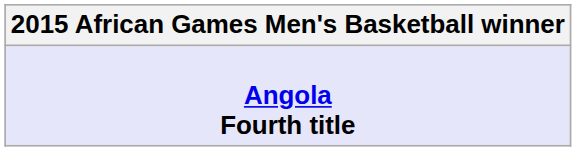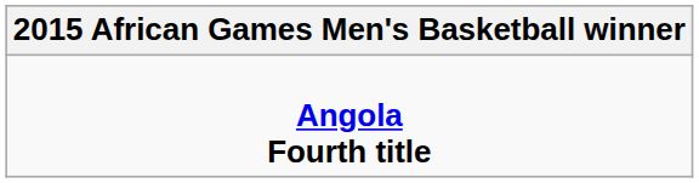 <table class=wikitable style="text-align:center; margin:auto">
 <tr>
 <th>2015 African Games Men's Basketball winner</th>
 </tr>
 <tr>
-<td style="background: lavender;"><br><strong><a href='#'>Angola</a></strong><br><strong>Fourth title</strong></td>
+<td><br><strong><a href='#'>Angola</a></strong><br><strong>Fourth title</strong></td>
 </tr>
 </table>
